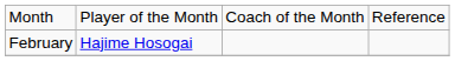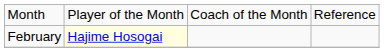 <table class="wikitable">
 <tr>
 <td>Month</td>
 <td>Player of the Month</td>
 <td>Coach of the Month</td>
 <td>Reference</td>
 </tr>
 <tr>
 <td>February</td>
-<td> <a href='#'>Hajime Hosogai</a></td>
+<td style="background: lightyellow;"> <a href='#'>Hajime Hosogai</a></td>
 <td></td>
 <td align=center></td>
 </tr>
 <tr>
 </tr>
 </table>
